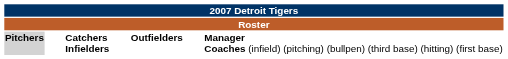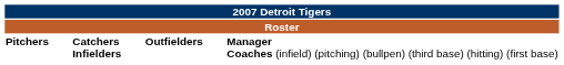 <table class="toccolours" style="font-size: 95%;">
 <tr>
 <th colspan="10" style="background-color: #003366; color: white; text-align: center;">2007 Detroit Tigers</th>
 </tr>
 <tr>
 <td colspan="10" style="background-color: #bd5d29; color: white; text-align: center;"><strong>Roster</strong></td>
 </tr>
 <tr>
-<td valign="top" style="background: lightgrey;"><strong>Pitchers</strong><br>                        </td>
+<td valign="top"><strong>Pitchers</strong><br>                        </td>
 <td width="25px"></td>
 <td valign="top"><strong>Catchers</strong><br>  <strong>Infielders</strong>        </td>
 <td width="25px"></td>
 <td valign="top"><strong>Outfielders</strong><br>        </td>
 <td width="25px"></td>
 <td valign="top"><strong>Manager</strong><br> <strong>Coaches</strong>  (infield)  (pitching)  (bullpen)  (third base)  (hitting)  (first base)</td>
 </tr>
 <tr>
 </tr>
 </table>
